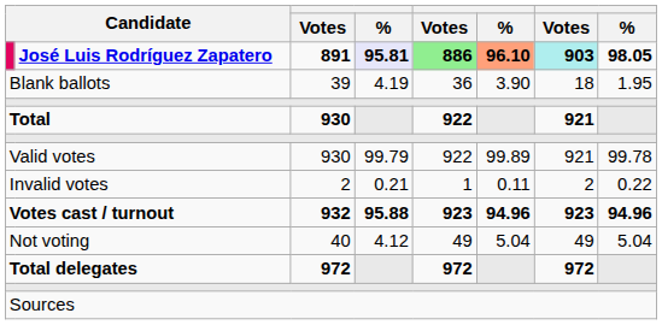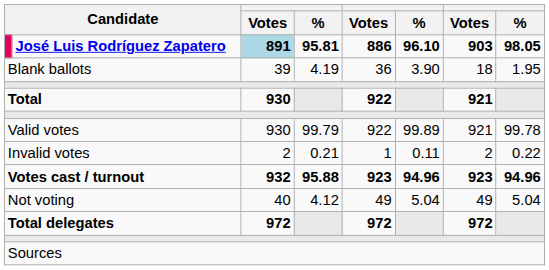 <table class="wikitable" style="text-align:right;">
 <tr>
 <th rowspan="2" colspan="2" width="250">Candidate</th>
 <th colspan="2"></th>
 <th colspan="2"></th>
 <th colspan="2"></th>
 </tr>
 <tr>
 <th width="50">Votes</th>
 <th width="45">%</th>
 <th width="50">Votes</th>
 <th width="45">%</th>
 <th width="50">Votes</th>
 <th width="45">%</th>
 </tr>
 <tr>
 <td width="1" style="color:inherit;background:#E3035F"></td>
 <td align="left"><strong><a href='#'>José Luis Rodríguez Zapatero</a></strong></td>
-<td><strong>891</strong></td>
-<td style="background: lavender;"><strong>95.81</strong></td>
-<td style="background: lightgreen;"><strong>886</strong></td>
-<td style="background: lightsalmon;"><strong>96.10</strong></td>
-<td style="background: paleturquoise;"><strong>903</strong></td>
+<td style="background: lightblue;"><strong>891</strong></td>
+<td><strong>95.81</strong></td>
+<td><strong>886</strong></td>
+<td><strong>96.10</strong></td>
+<td><strong>903</strong></td>
 <td><strong>98.05</strong></td>
 </tr>
 <tr>
 <td align="left" colspan="2">Blank ballots</td>
 <td>39</td>
 <td>4.19</td>
 <td>36</td>
 <td>3.90</td>
 <td>18</td>
 <td>1.95</td>
 </tr>
 <tr>
 <td colspan="8" bgcolor="#E9E9E9"></td>
 </tr>
 <tr style="font-weight:bold;">
 <td align="left" colspan="2">Total</td>
 <td>930</td>
 <td bgcolor="#E9E9E9"></td>
 <td>922</td>
 <td bgcolor="#E9E9E9"></td>
 <td>921</td>
 <td bgcolor="#E9E9E9"></td>
 </tr>
 <tr>
 <td colspan="8" bgcolor="#E9E9E9"></td>
 </tr>
 <tr>
 <td align="left" colspan="2">Valid votes</td>
 <td>930</td>
 <td>99.79</td>
 <td>922</td>
 <td>99.89</td>
 <td>921</td>
 <td>99.78</td>
 </tr>
 <tr>
 <td align="left" colspan="2">Invalid votes</td>
 <td>2</td>
 <td>0.21</td>
 <td>1</td>
 <td>0.11</td>
 <td>2</td>
 <td>0.22</td>
 </tr>
 <tr style="font-weight:bold;">
 <td align="left" colspan="2">Votes cast / turnout</td>
 <td>932</td>
 <td>95.88</td>
 <td>923</td>
 <td>94.96</td>
 <td>923</td>
 <td>94.96</td>
 </tr>
 <tr>
 <td align="left" colspan="2">Not voting</td>
 <td>40</td>
 <td>4.12</td>
 <td>49</td>
 <td>5.04</td>
 <td>49</td>
 <td>5.04</td>
 </tr>
 <tr style="font-weight:bold;">
 <td align="left" colspan="2">Total delegates</td>
 <td>972</td>
 <td bgcolor="#E9E9E9"></td>
 <td>972</td>
 <td bgcolor="#E9E9E9"></td>
 <td>972</td>
 <td bgcolor="#E9E9E9"></td>
 </tr>
 <tr>
 <td colspan="8" bgcolor="#E9E9E9"></td>
 </tr>
 <tr>
 <td align="left" colspan="8">Sources</td>
 </tr>
 </table>
